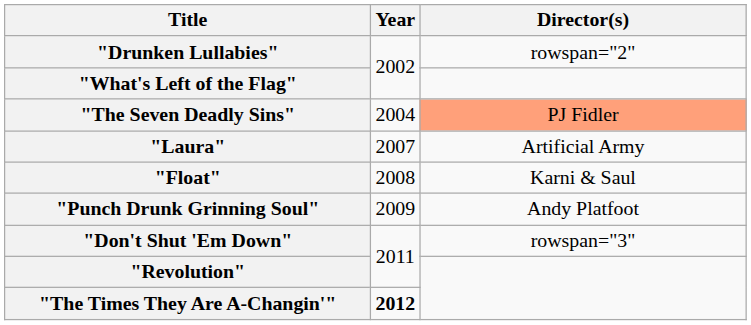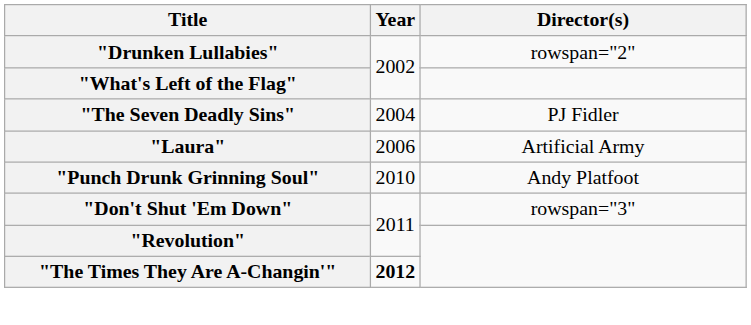 <table class="wikitable plainrowheaders" style="text-align:center;">
 <tr>
 <th scope="col" style="width:18em;">Title</th>
 <th scope="col">Year</th>
 <th scope="col" style="width:16em;">Director(s)</th>
 </tr>
 <tr>
 <th scope="row">"Drunken Lullabies"</th>
 <td rowspan="2">2002</td>
 <td>rowspan="2" </td>
 </tr>
 <tr>
 <th scope="row">"What's Left of the Flag"</th>
 </tr>
 <tr>
 <th scope="row">"The Seven Deadly Sins"</th>
 <td>2004</td>
-<td style="background: lightsalmon;">PJ Fidler</td>
+<td>PJ Fidler</td>
 </tr>
 <tr>
 <th scope="row">"Laura"</th>
-<td>2007</td>
+<td>2006</td>
 <td>Artificial Army</td>
 </tr>
 <tr>
-<th scope="row">"Float"</th>
-<td>2008</td>
-<td>Karni & Saul</td>
-</tr>
-<tr>
 <th scope="row">"Punch Drunk Grinning Soul"</th>
-<td>2009</td>
+<td>2010</td>
 <td>Andy Platfoot</td>
 </tr>
 <tr>
 <th scope="row">"Don't Shut 'Em Down"</th>
 <td rowspan="2">2011</td>
 <td>rowspan="3" </td>
 </tr>
 <tr>
 <th scope="row">"Revolution"</th>
 </tr>
 <tr>
 <th scope="row">"The Times They Are A-Changin'"</th>
 <td><strong>2012</strong></td>
 </tr>
 </table>
